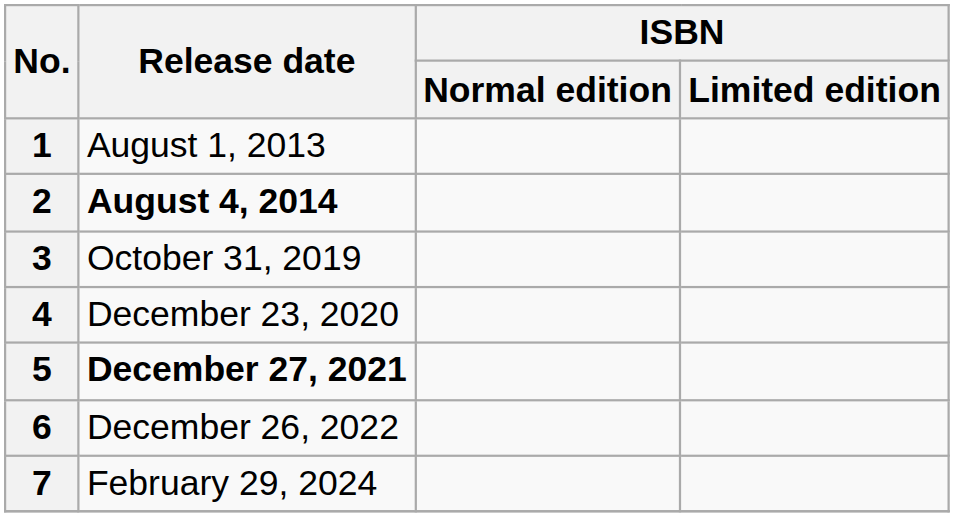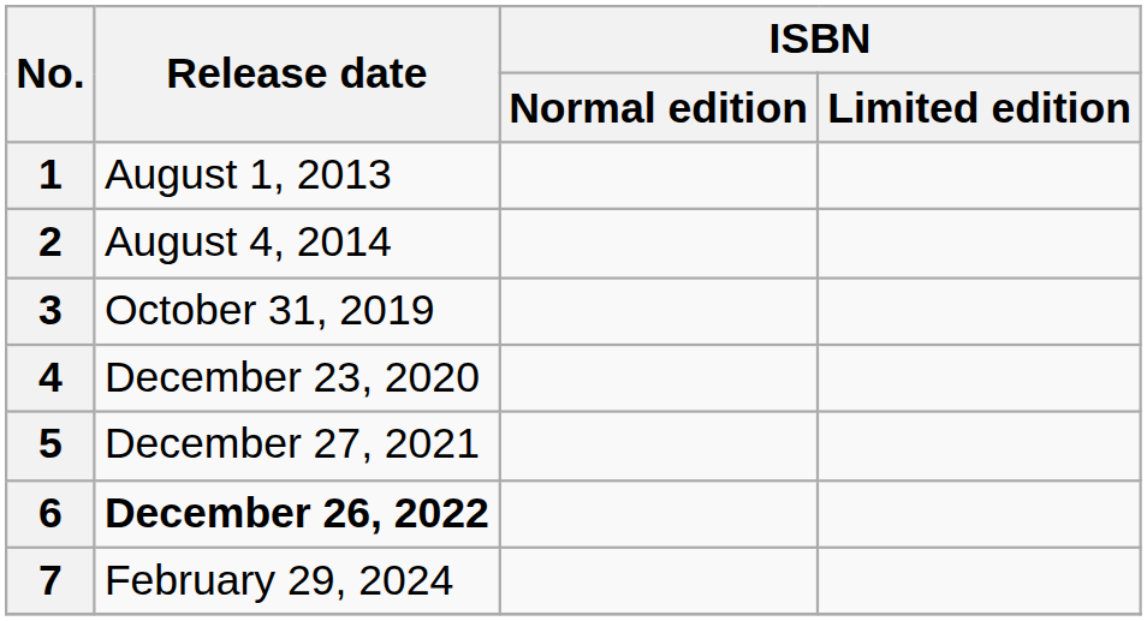 <table class="wikitable">
 <tr>
 <th rowspan="2">No.</th>
 <th rowspan="2">Release date</th>
 <th colspan="2">ISBN</th>
 </tr>
 <tr>
 <th>Normal edition</th>
 <th>Limited edition</th>
 </tr>
 <tr>
 <th>1</th>
 <td>August 1, 2013</td>
 <td></td>
 <td></td>
 </tr>
 <tr>
 <th>2</th>
-<td><strong>August 4, 2014</strong></td>
+<td>August 4, 2014</td>
 <td></td>
 <td></td>
 </tr>
 <tr>
 <th>3</th>
 <td>October 31, 2019</td>
 <td></td>
 <td></td>
 </tr>
 <tr>
 <th>4</th>
 <td>December 23, 2020</td>
 <td></td>
 <td></td>
 </tr>
 <tr>
 <th>5</th>
-<td><strong>December 27, 2021</strong></td>
+<td>December 27, 2021</td>
 <td></td>
 <td></td>
 </tr>
 <tr>
 <th>6</th>
-<td>December 26, 2022</td>
+<td><strong>December 26, 2022</strong></td>
 <td></td>
 <td></td>
 </tr>
 <tr>
 <th>7</th>
 <td>February 29, 2024</td>
 <td></td>
 <td></td>
 </tr>
 <tr>
 </tr>
 </table>
